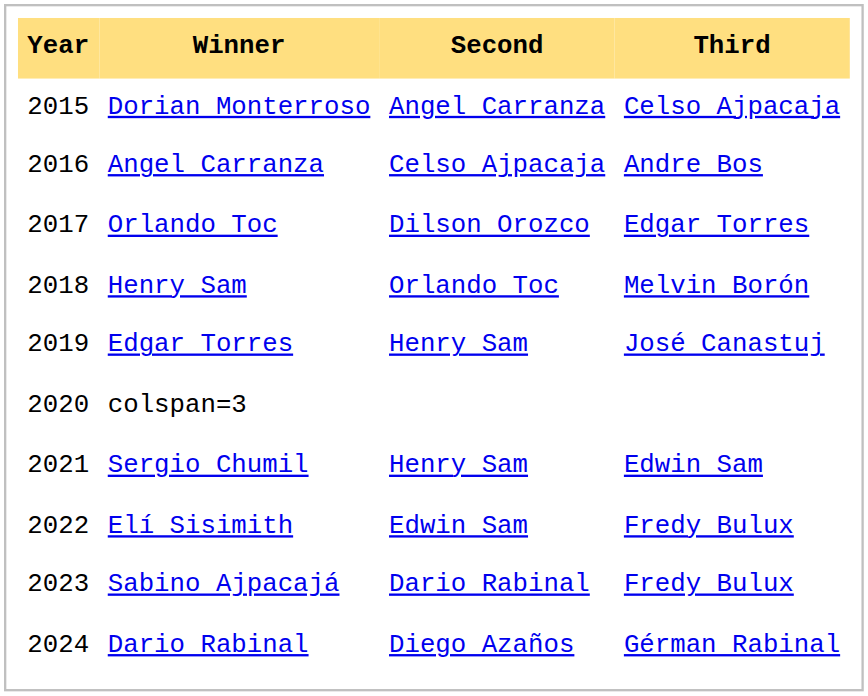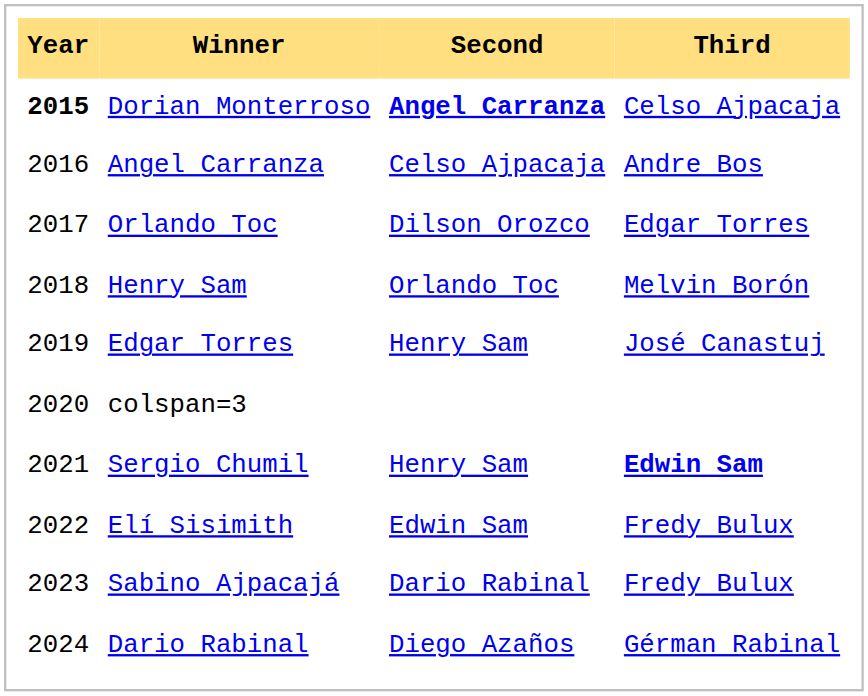 <table cellpadding="4" cellspacing="0"  style="border: 1px solid silver; color: black; margin: 0 0 0.5em 0; background-color: white; padding: 5px; text-align: left; font-size:85%; vertical-align: top; line-height:1.6em;">
 <tr>
 <th scope=col; align="center" bgcolor="FFDF80">Year</th>
 <th scope=col; align="center" bgcolor="FFDF80">Winner</th>
 <th scope=col; align="center" bgcolor="FFDF80">Second</th>
 <th scope=col; align="center" bgcolor="FFDF80">Third</th>
 </tr>
 <tr>
-<td>2015</td>
+<td><strong>2015</strong></td>
 <td><a href='#'>Dorian Monterroso</a></td>
-<td><a href='#'>Angel Carranza</a></td>
+<td><strong><a href='#'>Angel Carranza</a></strong></td>
 <td><a href='#'>Celso Ajpacaja</a></td>
 </tr>
 <tr>
 <td>2016</td>
 <td><a href='#'>Angel Carranza</a></td>
 <td><a href='#'>Celso Ajpacaja</a></td>
 <td><a href='#'>Andre Bos</a></td>
 </tr>
 <tr>
 <td>2017</td>
 <td><a href='#'>Orlando Toc</a></td>
 <td><a href='#'>Dilson Orozco</a></td>
 <td><a href='#'>Edgar Torres</a></td>
 </tr>
 <tr>
 <td>2018</td>
 <td><a href='#'>Henry Sam</a></td>
 <td><a href='#'>Orlando Toc</a></td>
 <td><a href='#'>Melvin Borón</a></td>
 </tr>
 <tr>
 <td>2019</td>
 <td><a href='#'>Edgar Torres</a></td>
 <td><a href='#'>Henry Sam</a></td>
 <td><a href='#'>José Canastuj</a></td>
 </tr>
 <tr>
 <td>2020</td>
 <td>colspan=3 </td>
 </tr>
 <tr>
 <td>2021</td>
 <td><a href='#'>Sergio Chumil</a></td>
 <td><a href='#'>Henry Sam</a></td>
-<td><a href='#'>Edwin Sam</a></td>
+<td><strong><a href='#'>Edwin Sam</a></strong></td>
 </tr>
 <tr>
 <td>2022</td>
 <td><a href='#'>Elí Sisimith</a></td>
 <td><a href='#'>Edwin Sam</a></td>
 <td><a href='#'>Fredy Bulux</a></td>
 </tr>
 <tr>
 <td>2023</td>
 <td><a href='#'>Sabino Ajpacajá</a></td>
 <td><a href='#'>Dario Rabinal</a></td>
 <td><a href='#'>Fredy Bulux</a></td>
 </tr>
 <tr>
 <td>2024</td>
 <td><a href='#'>Dario Rabinal</a></td>
 <td><a href='#'>Diego Azaños</a></td>
 <td><a href='#'>Gérman Rabinal</a></td>
 </tr>
 </table>
